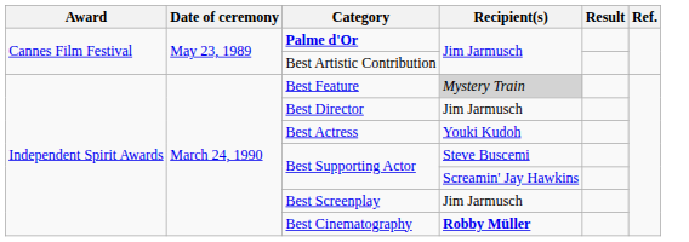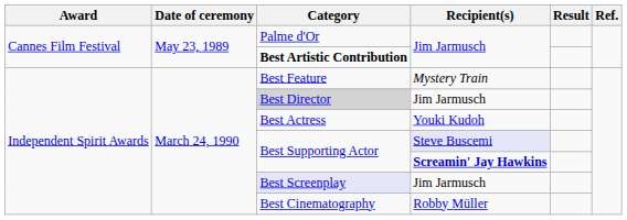 <table class="wikitable">
 <tr>
 <th>Award</th>
 <th>Date of ceremony</th>
 <th>Category</th>
 <th>Recipient(s)</th>
 <th>Result</th>
 <th>Ref.</th>
 </tr>
 <tr>
 <td rowspan="2"><a href='#'>Cannes Film Festival</a></td>
 <td rowspan="2"><a href='#'>May 23, 1989</a></td>
-<td><strong><a href='#'>Palme d'Or</a></strong></td>
+<td><a href='#'>Palme d'Or</a></td>
 <td rowspan="2"><a href='#'>Jim Jarmusch</a></td>
 <td></td>
 <td rowspan="2"></td>
 </tr>
 <tr>
-<td>Best Artistic Contribution</td>
+<td><strong>Best Artistic Contribution</strong></td>
 <td></td>
 </tr>
 <tr>
 <td rowspan="7"><a href='#'>Independent Spirit Awards</a></td>
 <td rowspan="7"><a href='#'>March 24, 1990</a></td>
 <td><a href='#'>Best Feature</a></td>
-<td style="background: lightgrey;"><em>Mystery Train</em></td>
+<td><em>Mystery Train</em></td>
 <td></td>
 <td rowspan="7"></td>
 </tr>
 <tr>
-<td><a href='#'>Best Director</a></td>
+<td style="background: lightgrey;"><a href='#'>Best Director</a></td>
 <td>Jim Jarmusch</td>
 <td></td>
 </tr>
 <tr>
 <td><a href='#'>Best Actress</a></td>
 <td><a href='#'>Youki Kudoh</a></td>
 <td></td>
 </tr>
 <tr>
 <td rowspan="2"><a href='#'>Best Supporting Actor</a></td>
-<td><a href='#'>Steve Buscemi</a></td>
+<td style="background: lavender;"><a href='#'>Steve Buscemi</a></td>
 <td></td>
 </tr>
 <tr>
-<td><a href='#'>Screamin' Jay Hawkins</a></td>
+<td><strong><a href='#'>Screamin' Jay Hawkins</a></strong></td>
 <td></td>
 </tr>
 <tr>
-<td><a href='#'>Best Screenplay</a></td>
+<td style="background: lavender;"><a href='#'>Best Screenplay</a></td>
 <td>Jim Jarmusch</td>
 <td></td>
 </tr>
 <tr>
 <td><a href='#'>Best Cinematography</a></td>
-<td><strong><a href='#'>Robby Müller</a></strong></td>
+<td><a href='#'>Robby Müller</a></td>
 <td></td>
 </tr>
 </table>
